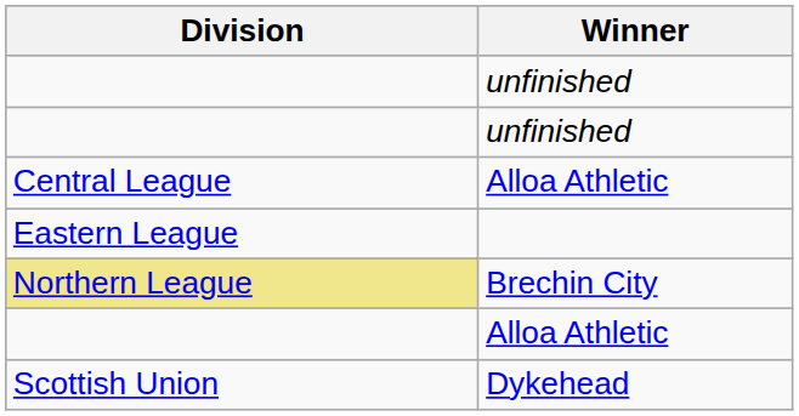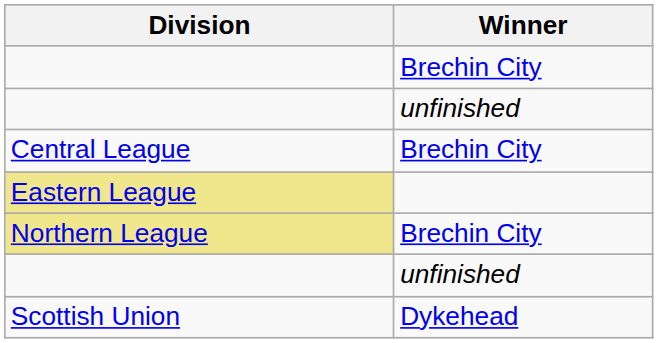 <table class="wikitable">
 <tr>
 <th width=230>Division</th>
 <th width=150>Winner</th>
 </tr>
 <tr>
 <td></td>
-<td><em>unfinished</em></td>
+<td><a href='#'>Brechin City</a></td>
 </tr>
 <tr>
 <td></td>
 <td><em>unfinished</em></td>
 </tr>
 <tr>
 <td><a href='#'>Central League</a></td>
-<td><a href='#'>Alloa Athletic</a></td>
+<td><a href='#'>Brechin City</a></td>
 </tr>
 <tr>
-<td><a href='#'>Eastern League</a></td>
+<td style="background: khaki;"><a href='#'>Eastern League</a></td>
 <td></td>
 </tr>
 <tr>
 <td style="background: khaki;"><a href='#'>Northern League</a></td>
 <td><a href='#'>Brechin City</a></td>
 </tr>
 <tr>
 <td></td>
-<td><a href='#'>Alloa Athletic</a></td>
+<td><em>unfinished</em></td>
 </tr>
 <tr>
 <td><a href='#'>Scottish Union</a></td>
 <td><a href='#'>Dykehead</a></td>
 </tr>
 </table>
